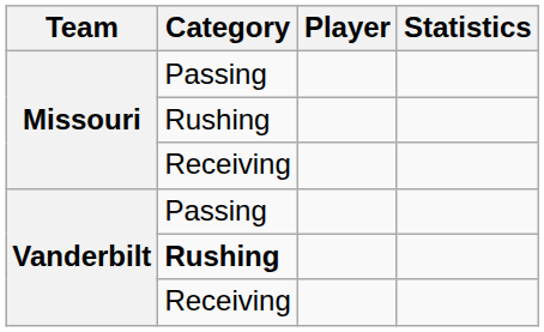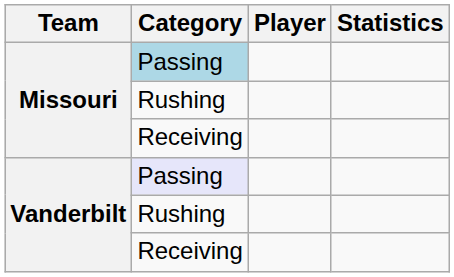 <table class="wikitable" style="float:right">
 <tr>
 <th>Team</th>
 <th>Category</th>
 <th>Player</th>
 <th>Statistics</th>
 </tr>
 <tr>
 <th rowspan=3>Missouri</th>
-<td>Passing</td>
+<td style="background: lightblue;">Passing</td>
 <td></td>
 <td></td>
 </tr>
 <tr>
 <td>Rushing</td>
 <td></td>
 <td></td>
 </tr>
 <tr>
 <td>Receiving</td>
 <td></td>
 <td></td>
 </tr>
 <tr>
 <th rowspan=3>Vanderbilt</th>
-<td>Passing</td>
+<td style="background: lavender;">Passing</td>
 <td></td>
 <td></td>
 </tr>
 <tr>
-<td><strong>Rushing</strong></td>
+<td>Rushing</td>
 <td></td>
 <td></td>
 </tr>
 <tr>
 <td>Receiving</td>
 <td></td>
 <td></td>
 </tr>
 </table>
